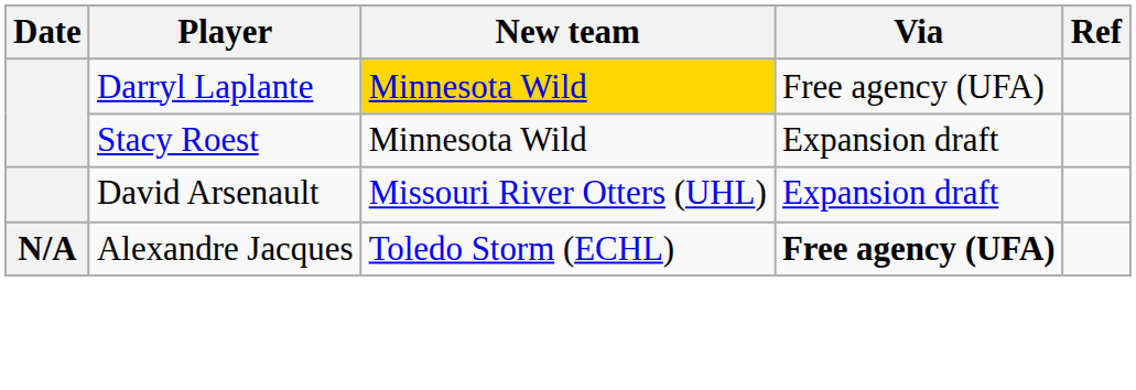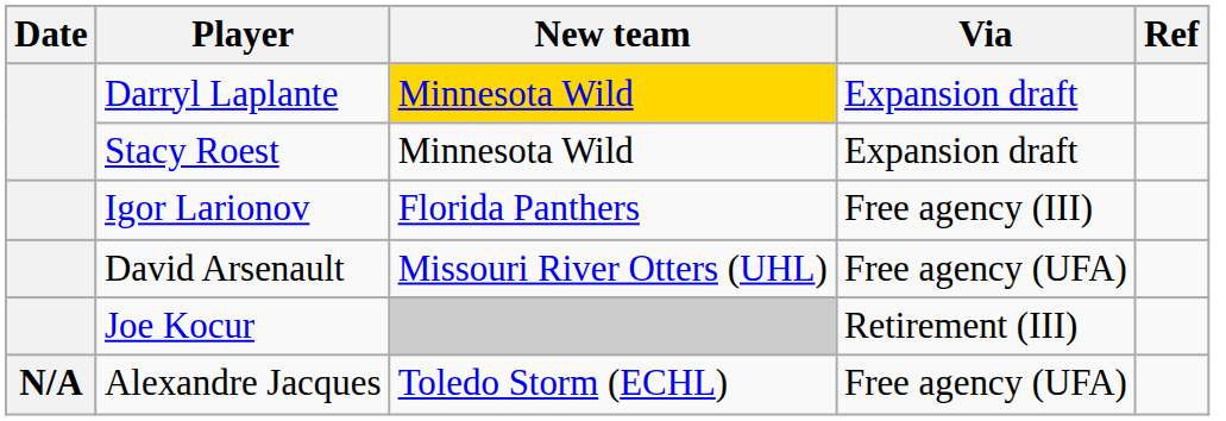 <table class="wikitable plainrowheaders">
 <tr style="background:#ddd; text-align:center;">
 <th>Date</th>
 <th>Player</th>
 <th>New team</th>
 <th>Via</th>
 <th>Ref</th>
 </tr>
 <tr>
 <th scope="row" rowspan=2></th>
 <td><a href='#'>Darryl Laplante</a></td>
 <td style="background: gold;"><a href='#'>Minnesota Wild</a></td>
-<td>Free agency (UFA)</td>
+<td><a href='#'>Expansion draft</a></td>
 <td></td>
 </tr>
 <tr>
 <td><a href='#'>Stacy Roest</a></td>
 <td>Minnesota Wild</td>
 <td>Expansion draft</td>
 <td></td>
 </tr>
 <tr>
 <th scope="row"></th>
+<td><a href='#'>Igor Larionov</a></td>
+<td><a href='#'>Florida Panthers</a></td>
+<td>Free agency (III)</td>
+<td></td>
+</tr>
+<tr>
+<th scope="row"></th>
 <td>David Arsenault</td>
 <td><a href='#'>Missouri River Otters</a> (<a href='#'>UHL</a>)</td>
-<td><a href='#'>Expansion draft</a></td>
+<td>Free agency (UFA)</td>
+<td></td>
+</tr>
+<tr>
+<th scope="row"></th>
+<td><a href='#'>Joe Kocur</a></td>
+<td style="background:#ccc"></td>
+<td>Retirement (III)</td>
 <td></td>
 </tr>
 <tr>
 <th scope="row">N/A</th>
 <td>Alexandre Jacques</td>
 <td><a href='#'>Toledo Storm</a> (<a href='#'>ECHL</a>)</td>
-<td><strong>Free agency (UFA)</strong></td>
+<td>Free agency (UFA)</td>
 <td></td>
 </tr>
 </table>
